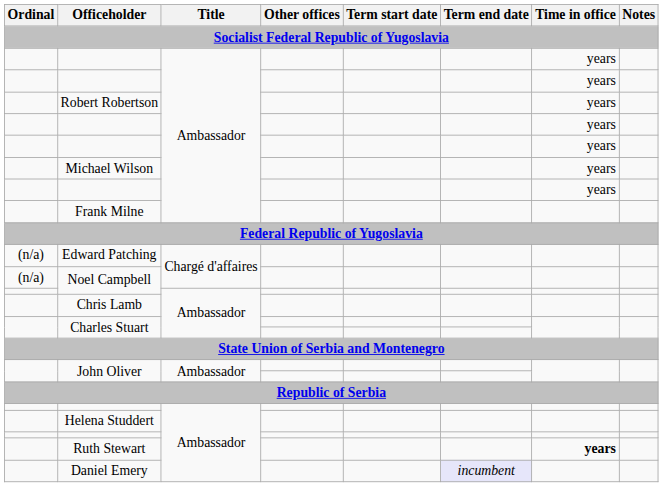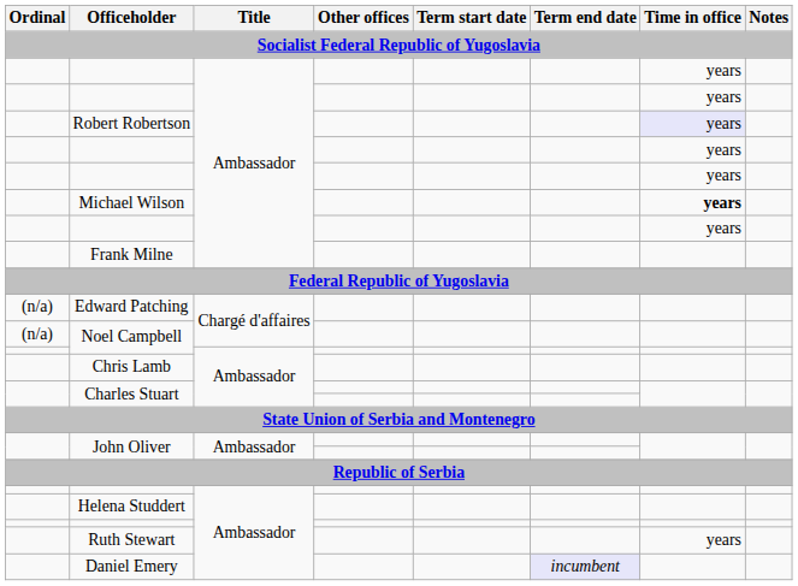 <table class='wikitable sortable' style="text-align:center;">
 <tr>
 <th>Ordinal</th>
 <th>Officeholder</th>
 <th>Title</th>
 <th>Other offices</th>
 <th>Term start date</th>
 <th>Term end date</th>
 <th>Time in office</th>
 <th>Notes</th>
 </tr>
 <tr>
 <td colspan="8" style="background: silver;"><strong><a href='#'>Socialist Federal Republic of Yugoslavia</a></strong></td>
 </tr>
 <tr>
 <td align=center></td>
 <td> </td>
 <td rowspan=8>Ambassador</td>
 <td></td>
 <td align=center></td>
 <td align=center></td>
 <td align=right> years</td>
 <td></td>
 </tr>
 <tr>
 <td align=center></td>
 <td></td>
 <td></td>
 <td align=center></td>
 <td align=center></td>
 <td align=right> years</td>
 <td></td>
 </tr>
 <tr>
 <td align=center></td>
 <td>Robert Robertson</td>
 <td></td>
 <td align=center></td>
 <td align=center></td>
-<td align=right> years</td>
+<td align=right style="background: lavender;"> years</td>
 <td></td>
 </tr>
 <tr>
 <td align=center></td>
 <td></td>
 <td></td>
 <td align=center></td>
 <td align=center></td>
 <td align=right> years</td>
 <td></td>
 </tr>
 <tr>
 <td align=center></td>
 <td></td>
 <td></td>
 <td align=center></td>
 <td align=center></td>
 <td align=right> years</td>
 <td></td>
 </tr>
 <tr>
 <td align=center></td>
 <td>Michael Wilson</td>
 <td></td>
 <td align=center></td>
 <td align=center></td>
-<td align=right> years</td>
+<td align=right><strong> years</strong></td>
 <td></td>
 </tr>
 <tr>
 <td align=center></td>
 <td></td>
 <td></td>
 <td align=center></td>
 <td align=center></td>
 <td align=right> years</td>
 <td></td>
 </tr>
 <tr>
 <td align=center></td>
 <td>Frank Milne</td>
 <td></td>
 <td align=center></td>
 <td align=center></td>
 <td align=right></td>
 <td></td>
 </tr>
 <tr>
 <td colspan="8" style="background: silver;"><strong><a href='#'>Federal Republic of Yugoslavia</a></strong></td>
 </tr>
 <tr>
 <td align=center>(n/a)</td>
 <td>Edward Patching</td>
 <td rowspan=2>Chargé d'affaires</td>
 <td style="background: ;"></td>
 <td align=center></td>
 <td align=center></td>
 <td align=right></td>
 <td></td>
 </tr>
 <tr>
 <td align=center>(n/a)</td>
 <td rowspan=2>Noel Campbell</td>
 <td style="background: ;"></td>
 <td align=center></td>
 <td align=center></td>
 <td align=right></td>
 <td></td>
 </tr>
 <tr>
 <td align=center></td>
 <td rowspan=4>Ambassador</td>
 <td></td>
 <td align=center></td>
 <td align=center></td>
 <td align=right></td>
 <td></td>
 </tr>
 <tr>
 <td align=center></td>
 <td>Chris Lamb</td>
 <td></td>
 <td align=center></td>
 <td align=center></td>
 <td align=right></td>
 <td></td>
 </tr>
 <tr>
 <td rowspan=2 align=center></td>
 <td rowspan=2>Charles Stuart</td>
 <td></td>
 <td align=center></td>
 <td align=center></td>
 <td rowspan=2 align=right></td>
 <td rowspan=2></td>
 </tr>
 <tr>
 <td></td>
 <td align=center></td>
 <td align=center></td>
 </tr>
 <tr>
 <td colspan="8" style="background: silver;"><strong><a href='#'>State Union of Serbia and Montenegro</a></strong></td>
 </tr>
 <tr>
 <td rowspan=2 align=center></td>
 <td rowspan=2>John Oliver</td>
 <td rowspan=2>Ambassador</td>
 <td></td>
 <td align=center></td>
 <td align=center></td>
 <td rowspan=2 align=right></td>
 <td rowspan=2></td>
 </tr>
 <tr>
 <td></td>
 <td align=center></td>
 <td align=center></td>
 </tr>
 <tr>
 <td colspan="8" style="background: silver;"><strong><a href='#'>Republic of Serbia</a></strong></td>
 </tr>
 <tr>
 <td align=center></td>
 <td></td>
 <td rowspan=5>Ambassador</td>
 <td></td>
 <td align=center></td>
 <td align=center></td>
 <td align=right></td>
 <td></td>
 </tr>
 <tr>
 <td align=center></td>
 <td>Helena Studdert</td>
 <td></td>
 <td align=center></td>
 <td align=center></td>
 <td align=right></td>
 <td></td>
 </tr>
 <tr>
 <td align=center></td>
 <td></td>
 <td></td>
 <td align=center></td>
 <td align=center></td>
 <td align=right></td>
 <td></td>
 </tr>
 <tr>
 <td align=center></td>
 <td>Ruth Stewart</td>
 <td></td>
 <td align=center></td>
 <td align=center></td>
-<td align=right><strong> years</strong></td>
+<td align=right> years</td>
 <td></td>
 </tr>
 <tr>
 <td align=center></td>
 <td>Daniel Emery</td>
 <td></td>
 <td align=center></td>
 <td align=center style="background: lavender;"><em>incumbent</em></td>
 <td align=right></td>
 <td></td>
 </tr>
 </table>
